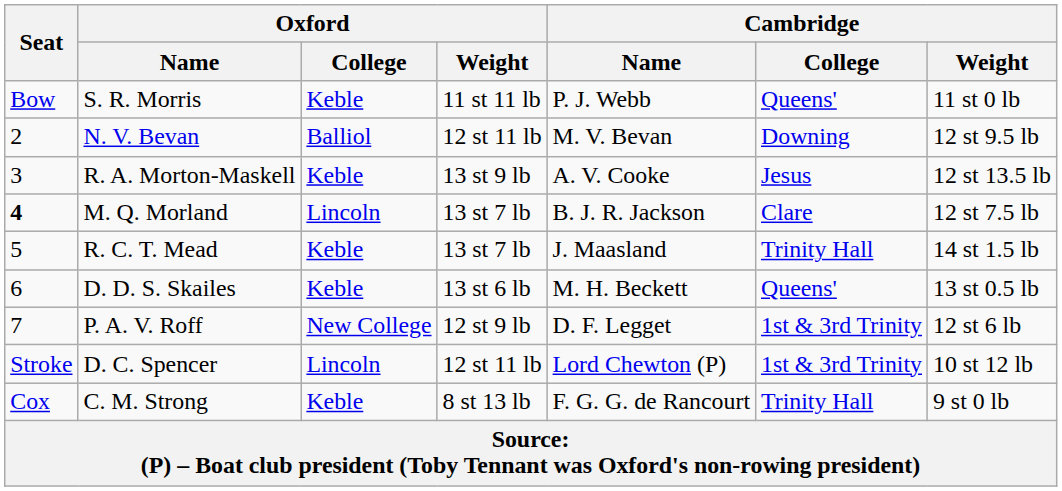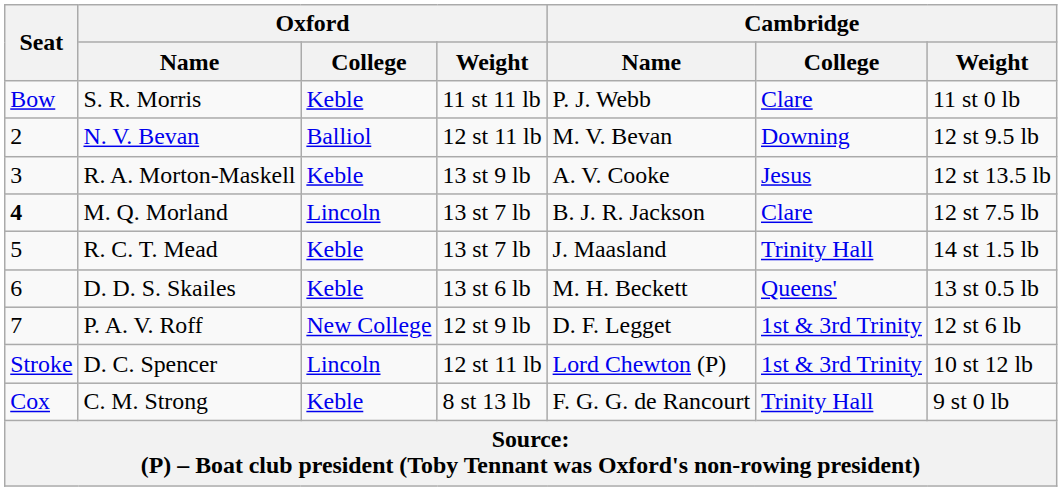 <table class="wikitable">
 <tr>
 <th rowspan="2" scope="col">Seat</th>
 <th colspan="3" scope="col">Oxford <br> </th>
 <th colspan="3" scope="col">Cambridge <br> </th>
 </tr>
 <tr>
 <th>Name</th>
 <th>College</th>
 <th>Weight</th>
 <th>Name</th>
 <th>College</th>
 <th>Weight</th>
 </tr>
 <tr>
 <td><a href='#'>Bow</a></td>
 <td>S. R. Morris</td>
 <td><a href='#'>Keble</a></td>
 <td>11 st 11 lb</td>
 <td>P. J. Webb</td>
-<td><a href='#'>Queens'</a></td>
+<td><a href='#'>Clare</a></td>
 <td>11 st 0 lb</td>
 </tr>
 <tr>
 <td>2</td>
 <td><a href='#'>N. V. Bevan</a></td>
 <td><a href='#'>Balliol</a></td>
 <td>12 st 11 lb</td>
 <td>M. V. Bevan</td>
 <td><a href='#'>Downing</a></td>
 <td>12 st 9.5 lb</td>
 </tr>
 <tr>
 <td>3</td>
 <td>R. A. Morton-Maskell</td>
 <td><a href='#'>Keble</a></td>
 <td>13 st 9 lb</td>
 <td>A. V. Cooke</td>
 <td><a href='#'>Jesus</a></td>
 <td>12 st 13.5 lb</td>
 </tr>
 <tr>
 <td><strong>4</strong></td>
 <td>M. Q. Morland</td>
 <td><a href='#'>Lincoln</a></td>
 <td>13 st 7 lb</td>
 <td>B. J. R. Jackson</td>
 <td><a href='#'>Clare</a></td>
 <td>12 st 7.5 lb</td>
 </tr>
 <tr>
 <td>5</td>
 <td>R. C. T. Mead</td>
 <td><a href='#'>Keble</a></td>
 <td>13 st 7 lb</td>
 <td>J. Maasland</td>
 <td><a href='#'>Trinity Hall</a></td>
 <td>14 st 1.5 lb</td>
 </tr>
 <tr>
 <td>6</td>
 <td>D. D. S. Skailes</td>
 <td><a href='#'>Keble</a></td>
 <td>13 st 6 lb</td>
 <td>M. H. Beckett</td>
 <td><a href='#'>Queens'</a></td>
 <td>13 st 0.5 lb</td>
 </tr>
 <tr>
 <td>7</td>
 <td>P. A. V. Roff</td>
 <td><a href='#'>New College</a></td>
 <td>12 st 9 lb</td>
 <td>D. F. Legget</td>
 <td><a href='#'>1st & 3rd Trinity</a></td>
 <td>12 st 6 lb</td>
 </tr>
 <tr>
 <td><a href='#'>Stroke</a></td>
 <td>D. C. Spencer</td>
 <td><a href='#'>Lincoln</a></td>
 <td>12 st 11 lb</td>
 <td><a href='#'>Lord Chewton</a> (P)</td>
 <td><a href='#'>1st & 3rd Trinity</a></td>
 <td>10 st 12 lb</td>
 </tr>
 <tr>
 <td><a href='#'>Cox</a></td>
 <td>C. M. Strong</td>
 <td><a href='#'>Keble</a></td>
 <td>8 st 13 lb</td>
 <td>F. G. G. de Rancourt</td>
 <td><a href='#'>Trinity Hall</a></td>
 <td>9 st 0 lb</td>
 </tr>
 <tr>
 <th colspan="7">Source:<br>(P) – Boat club president (Toby Tennant was Oxford's non-rowing president)</th>
 </tr>
 </table>
